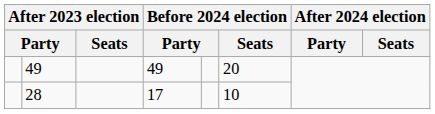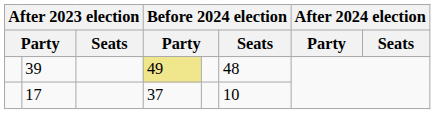 <table class="wikitable">
 <tr>
 <th colspan="3">After 2023 election</th>
 <th colspan="3">Before 2024 election</th>
 <th colspan="3">After 2024 election</th>
 </tr>
 <tr>
 <th colspan="2">Party</th>
 <th>Seats</th>
 <th colspan="2">Party</th>
 <th>Seats</th>
 <th colspan="2">Party</th>
 <th>Seats</th>
 </tr>
 <tr>
 <td></td>
-<td>49</td>
+<td>39</td>
 <td></td>
-<td>49</td>
+<td style="background: khaki;">49</td>
 <td></td>
-<td>20</td>
+<td>48</td>
 </tr>
 <tr>
 <td></td>
-<td>28</td>
+<td>17</td>
 <td></td>
-<td>17</td>
+<td>37</td>
 <td></td>
 <td>10</td>
 </tr>
 </table>
